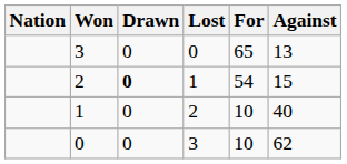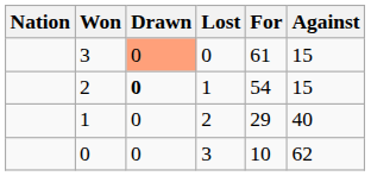 <table class="wikitable">
 <tr>
 <th>Nation</th>
 <th>Won</th>
 <th>Drawn</th>
 <th>Lost</th>
 <th>For</th>
 <th>Against</th>
 </tr>
 <tr>
 <td></td>
 <td>3</td>
+<td style="background: lightsalmon;">0</td>
 <td>0</td>
-<td>0</td>
-<td>65</td>
-<td>13</td>
+<td>61</td>
+<td>15</td>
 </tr>
 <tr>
 <td></td>
 <td>2</td>
 <td><strong>0</strong></td>
 <td>1</td>
 <td>54</td>
 <td>15</td>
 </tr>
 <tr>
 <td></td>
 <td>1</td>
 <td>0</td>
 <td>2</td>
-<td>10</td>
+<td>29</td>
 <td>40</td>
 </tr>
 <tr>
 <td></td>
 <td>0</td>
 <td>0</td>
 <td>3</td>
 <td>10</td>
 <td>62</td>
 </tr>
 </table>
